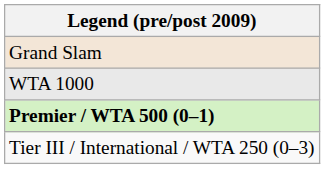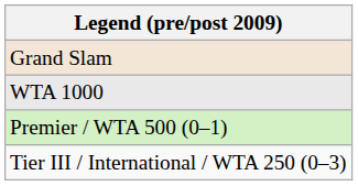 <table class=wikitable style=font-size:95%>
 <tr>
 <th>Legend (pre/post 2009)</th>
 </tr>
 <tr>
 <td bgcolor=#f3e6d7>Grand Slam</td>
 </tr>
 <tr>
 <td bgcolor=#e9e9e9>WTA 1000</td>
 </tr>
 <tr>
-<td bgcolor=#d4f1c5><strong>Premier / WTA 500 (0–1)</strong></td>
+<td bgcolor=#d4f1c5>Premier / WTA 500 (0–1)</td>
 </tr>
 <tr>
 <td>Tier III / International / WTA 250 (0–3)</td>
 </tr>
 </table>
